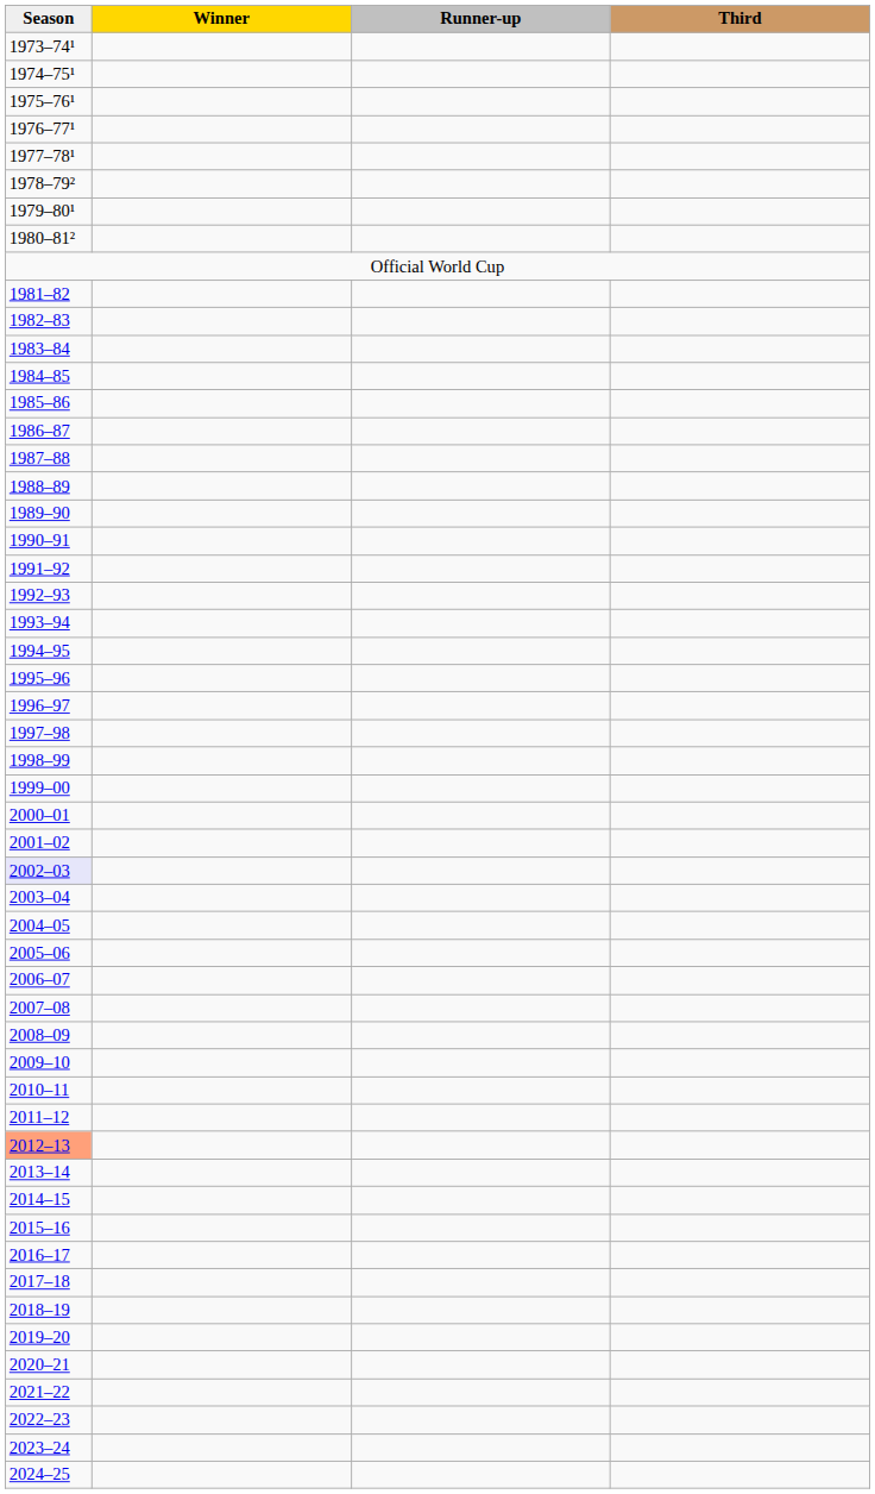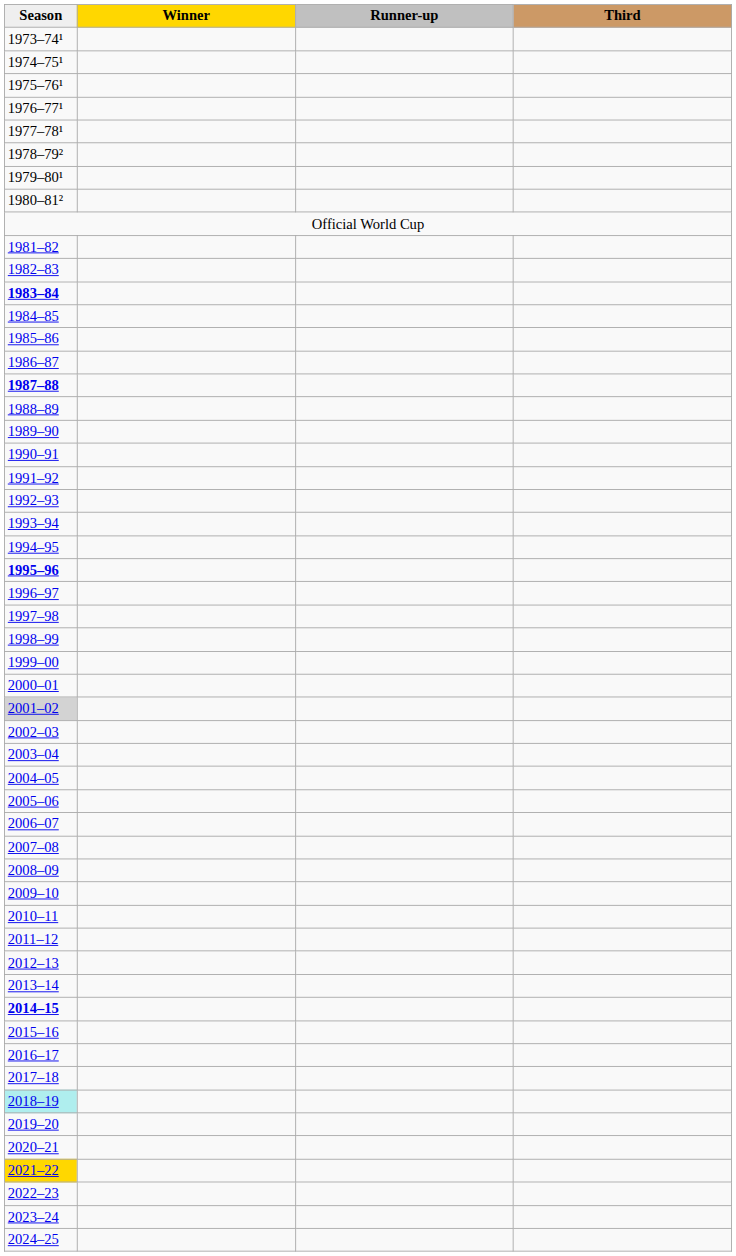 <table class="wikitable sortable" style="width:800px;">
 <tr>
 <th style="width:10%; background:#efefef;">Season</th>
 <th style="width:30%; background:gold">Winner</th>
 <th style="width:30%; background:silver">Runner-up</th>
 <th style="width:30%; background:#CC9966">Third</th>
 </tr>
 <tr>
 <td>1973–74¹</td>
 <td><em></em></td>
 <td><em></em></td>
 <td><em></em></td>
 </tr>
 <tr>
 <td>1974–75¹</td>
 <td><em></em></td>
 <td><em></em></td>
 <td><em></em></td>
 </tr>
 <tr>
 <td>1975–76¹</td>
 <td><em></em></td>
 <td><em></em></td>
 <td><em></em></td>
 </tr>
 <tr>
 <td>1976–77¹</td>
 <td><em></em></td>
 <td><em></em></td>
 <td><em></em></td>
 </tr>
 <tr>
 <td>1977–78¹</td>
 <td><em></em></td>
 <td><em></em></td>
 <td><em></em></td>
 </tr>
 <tr>
 <td>1978–79²</td>
 <td><em></em></td>
 <td><em></em></td>
 <td><em></em></td>
 </tr>
 <tr>
 <td>1979–80¹</td>
 <td><em></em></td>
 <td><em></em></td>
 <td><em></em></td>
 </tr>
 <tr>
 <td>1980–81²</td>
 <td><em></em></td>
 <td><em></em></td>
 <td><em></em></td>
 </tr>
 <tr>
 <td align=center colspan=4>Official World Cup</td>
 </tr>
 <tr>
 <td><a href='#'>1981–82</a></td>
 <td></td>
 <td></td>
 <td></td>
 </tr>
 <tr>
 <td><a href='#'>1982–83</a></td>
 <td></td>
 <td></td>
 <td></td>
 </tr>
 <tr>
-<td><a href='#'>1983–84</a></td>
+<td><strong><a href='#'>1983–84</a></strong></td>
 <td></td>
 <td></td>
 <td></td>
 </tr>
 <tr>
 <td><a href='#'>1984–85</a></td>
 <td></td>
 <td></td>
 <td></td>
 </tr>
 <tr>
 <td><a href='#'>1985–86</a></td>
 <td></td>
 <td></td>
 <td></td>
 </tr>
 <tr>
 <td><a href='#'>1986–87</a></td>
 <td></td>
 <td></td>
 <td></td>
 </tr>
 <tr>
-<td><a href='#'>1987–88</a></td>
+<td><strong><a href='#'>1987–88</a></strong></td>
 <td></td>
 <td></td>
 <td></td>
 </tr>
 <tr>
 <td><a href='#'>1988–89</a></td>
 <td></td>
 <td></td>
 <td></td>
 </tr>
 <tr>
 <td><a href='#'>1989–90</a></td>
 <td></td>
 <td></td>
 <td></td>
 </tr>
 <tr>
 <td><a href='#'>1990–91</a></td>
 <td></td>
 <td></td>
 <td></td>
 </tr>
 <tr>
 <td><a href='#'>1991–92</a></td>
 <td></td>
 <td></td>
 <td></td>
 </tr>
 <tr>
 <td><a href='#'>1992–93</a></td>
 <td></td>
 <td></td>
 <td></td>
 </tr>
 <tr>
 <td><a href='#'>1993–94</a></td>
 <td></td>
 <td></td>
 <td></td>
 </tr>
 <tr>
 <td><a href='#'>1994–95</a></td>
 <td></td>
 <td></td>
 <td></td>
 </tr>
 <tr>
-<td><a href='#'>1995–96</a></td>
+<td><strong><a href='#'>1995–96</a></strong></td>
 <td></td>
 <td></td>
 <td></td>
 </tr>
 <tr>
 <td><a href='#'>1996–97</a></td>
 <td></td>
 <td></td>
 <td></td>
 </tr>
 <tr>
 <td><a href='#'>1997–98</a></td>
 <td></td>
 <td></td>
 <td></td>
 </tr>
 <tr>
 <td><a href='#'>1998–99</a></td>
 <td></td>
 <td></td>
 <td></td>
 </tr>
 <tr>
 <td><a href='#'>1999–00</a></td>
 <td></td>
 <td></td>
 <td></td>
 </tr>
 <tr>
 <td><a href='#'>2000–01</a></td>
 <td></td>
 <td></td>
 <td></td>
 </tr>
 <tr>
-<td><a href='#'>2001–02</a></td>
+<td style="background: lightgrey;"><a href='#'>2001–02</a></td>
 <td></td>
 <td></td>
 <td></td>
 </tr>
 <tr>
-<td style="background: lavender;"><a href='#'>2002–03</a></td>
+<td><a href='#'>2002–03</a></td>
 <td></td>
 <td></td>
 <td></td>
 </tr>
 <tr>
 <td><a href='#'>2003–04</a></td>
 <td></td>
 <td></td>
 <td></td>
 </tr>
 <tr>
 <td><a href='#'>2004–05</a></td>
 <td></td>
 <td></td>
 <td></td>
 </tr>
 <tr>
 <td><a href='#'>2005–06</a></td>
 <td></td>
 <td></td>
 <td></td>
 </tr>
 <tr>
 <td><a href='#'>2006–07</a></td>
 <td></td>
 <td></td>
 <td></td>
 </tr>
 <tr>
 <td><a href='#'>2007–08</a></td>
 <td></td>
 <td></td>
 <td></td>
 </tr>
 <tr>
 <td><a href='#'>2008–09</a></td>
 <td></td>
 <td></td>
 <td></td>
 </tr>
 <tr>
 <td><a href='#'>2009–10</a></td>
 <td></td>
 <td></td>
 <td></td>
 </tr>
 <tr>
 <td><a href='#'>2010–11</a></td>
 <td></td>
 <td></td>
 <td></td>
 </tr>
 <tr>
 <td><a href='#'>2011–12</a></td>
 <td></td>
 <td></td>
 <td></td>
 </tr>
 <tr>
-<td style="background: lightsalmon;"><a href='#'>2012–13</a></td>
+<td><a href='#'>2012–13</a></td>
 <td></td>
 <td></td>
 <td></td>
 </tr>
 <tr>
 <td><a href='#'>2013–14</a></td>
 <td></td>
 <td></td>
 <td></td>
 </tr>
 <tr>
-<td><a href='#'>2014–15</a></td>
+<td><strong><a href='#'>2014–15</a></strong></td>
 <td></td>
 <td></td>
 <td></td>
 </tr>
 <tr>
 <td><a href='#'>2015–16</a></td>
 <td></td>
 <td></td>
 <td></td>
 </tr>
 <tr>
 <td><a href='#'>2016–17</a></td>
 <td></td>
 <td></td>
 <td></td>
 </tr>
 <tr>
 <td><a href='#'>2017–18</a></td>
 <td></td>
 <td></td>
 <td></td>
 </tr>
 <tr>
-<td><a href='#'>2018–19</a></td>
+<td style="background: paleturquoise;"><a href='#'>2018–19</a></td>
 <td></td>
 <td></td>
 <td></td>
 </tr>
 <tr>
 <td><a href='#'>2019–20</a></td>
 <td></td>
 <td></td>
 <td></td>
 </tr>
 <tr>
 <td><a href='#'>2020–21</a></td>
 <td></td>
 <td></td>
 <td></td>
 </tr>
 <tr>
-<td><a href='#'>2021–22</a></td>
+<td style="background: gold;"><a href='#'>2021–22</a></td>
 <td></td>
 <td></td>
 <td></td>
 </tr>
 <tr>
 <td><a href='#'>2022–23</a></td>
 <td></td>
 <td></td>
 <td></td>
 </tr>
 <tr>
 <td><a href='#'>2023–24</a></td>
 <td></td>
 <td></td>
 <td></td>
 </tr>
 <tr>
 <td><a href='#'>2024–25</a></td>
 <td></td>
 <td></td>
 <td></td>
 </tr>
 </table>
